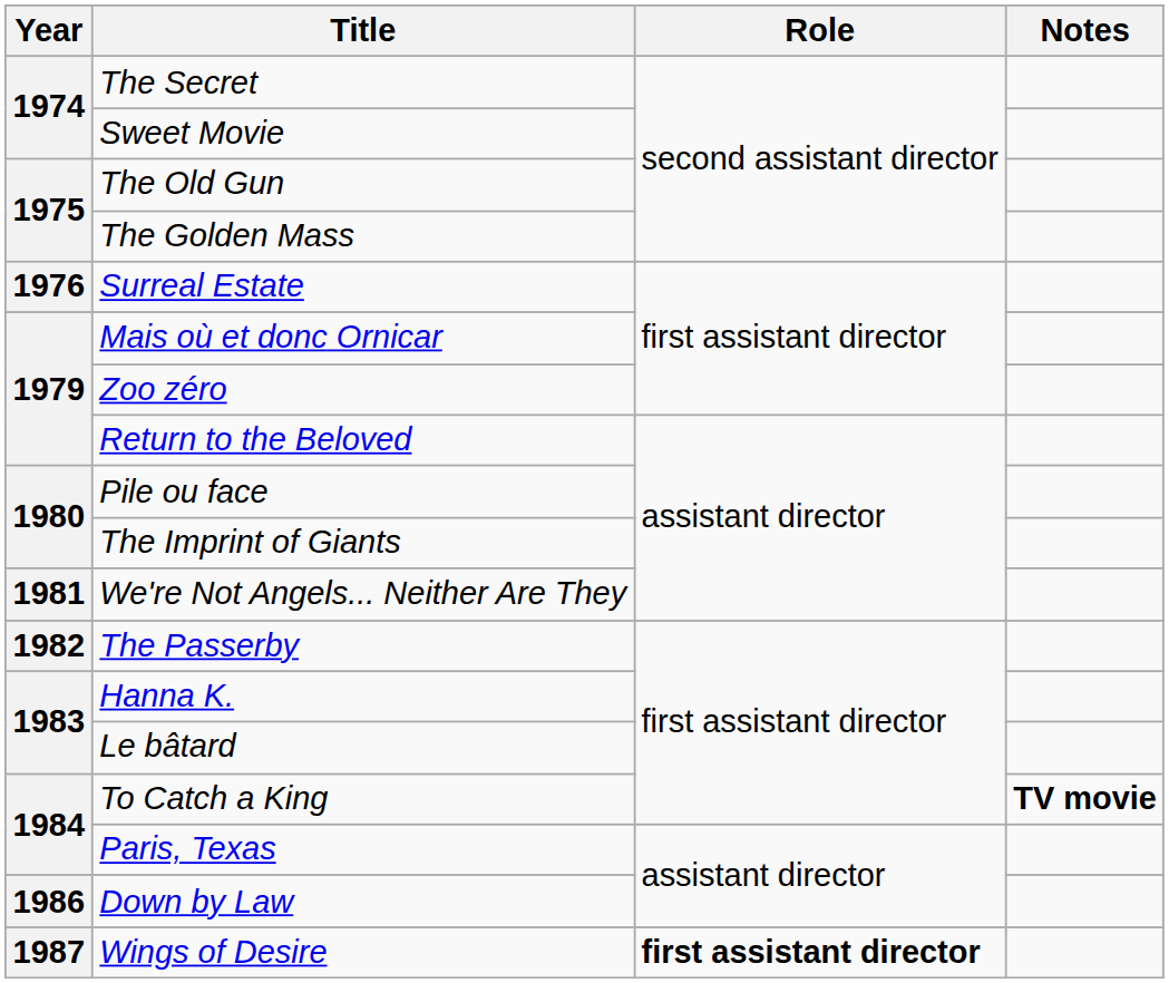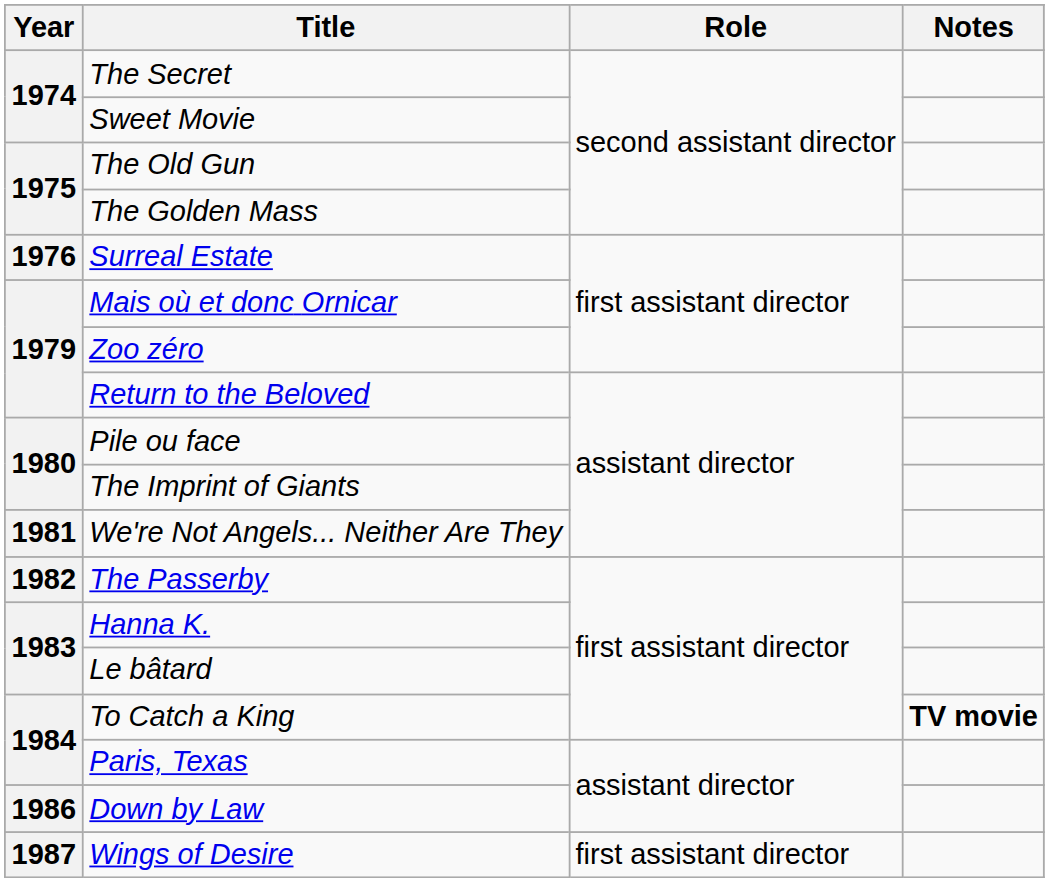 <table class="wikitable">
 <tr>
 <th>Year</th>
 <th>Title</th>
 <th>Role</th>
 <th>Notes</th>
 </tr>
 <tr>
 <th rowspan="2">1974</th>
 <td><em>The Secret</em></td>
 <td rowspan="4">second assistant director</td>
 <td></td>
 </tr>
 <tr>
 <td><em>Sweet Movie</em></td>
 <td></td>
 </tr>
 <tr>
 <th rowspan="2">1975</th>
 <td><em>The Old Gun</em></td>
 <td></td>
 </tr>
 <tr>
 <td><em>The Golden Mass</em></td>
 <td></td>
 </tr>
 <tr>
 <th>1976</th>
 <td><em><a href='#'>Surreal Estate</a></em></td>
 <td rowspan="3">first assistant director</td>
 <td></td>
 </tr>
 <tr>
 <th rowspan="3">1979</th>
 <td><a href='#'><em>Mais où et donc</em> <em>Ornicar</em></a></td>
 <td></td>
 </tr>
 <tr>
 <td><em><a href='#'>Zoo zéro</a></em></td>
 <td></td>
 </tr>
 <tr>
 <td><em><a href='#'>Return to the Beloved</a></em></td>
 <td rowspan="4">assistant director</td>
 <td></td>
 </tr>
 <tr>
 <th rowspan="2">1980</th>
 <td><em>Pile ou face</em></td>
 <td></td>
 </tr>
 <tr>
 <td><em>The Imprint of Giants</em></td>
 <td></td>
 </tr>
 <tr>
 <th>1981</th>
 <td><em>We're Not Angels... Neither Are They</em></td>
 <td></td>
 </tr>
 <tr>
 <th>1982</th>
 <td><em><a href='#'>The Passerby</a></em></td>
 <td rowspan="4">first assistant director</td>
 <td></td>
 </tr>
 <tr>
 <th rowspan="2">1983</th>
 <td><em><a href='#'>Hanna K.</a></em></td>
 <td></td>
 </tr>
 <tr>
 <td><em>Le bâtard</em></td>
 <td></td>
 </tr>
 <tr>
 <th rowspan="2">1984</th>
 <td><em>To Catch a King</em></td>
 <td><strong>TV movie</strong></td>
 </tr>
 <tr>
 <td><em><a href='#'>Paris, Texas</a></em></td>
 <td rowspan="2">assistant director</td>
 <td></td>
 </tr>
 <tr>
 <th>1986</th>
 <td><em><a href='#'>Down by Law</a></em></td>
 <td></td>
 </tr>
 <tr>
 <th>1987</th>
 <td><em><a href='#'>Wings of Desire</a></em></td>
-<td><strong>first assistant director</strong></td>
+<td>first assistant director</td>
 <td></td>
 </tr>
 </table>
